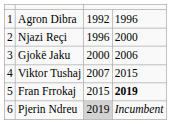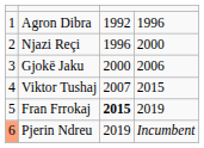 <table class="wikitable sortable">
 <tr>
 <td><strong></strong></td>
 <td><strong></strong></td>
 <td colspan="2"><strong></strong></td>
 </tr>
 <tr>
 <td>1</td>
 <td>Agron Dibra</td>
 <td>1992</td>
 <td>1996</td>
 </tr>
 <tr>
 <td>2</td>
 <td>Njazi Reçi</td>
 <td>1996</td>
 <td>2000</td>
 </tr>
 <tr>
 <td>3</td>
 <td>Gjokë Jaku</td>
 <td>2000</td>
 <td>2006</td>
 </tr>
 <tr>
 <td>4</td>
 <td>Viktor Tushaj</td>
 <td>2007</td>
 <td>2015</td>
 </tr>
 <tr>
 <td>5</td>
 <td>Fran Frrokaj</td>
-<td>2015</td>
-<td><strong>2019</strong></td>
+<td><strong>2015</strong></td>
+<td>2019</td>
 </tr>
 <tr>
-<td>6</td>
+<td style="background: lightsalmon;">6</td>
 <td>Pjerin Ndreu</td>
-<td style="background: lightgrey;">2019</td>
+<td>2019</td>
 <td><em>Incumbent</em></td>
 </tr>
 </table>
